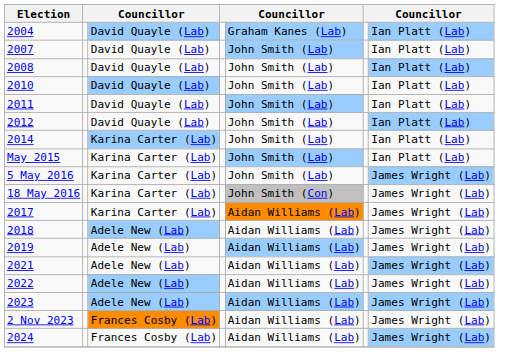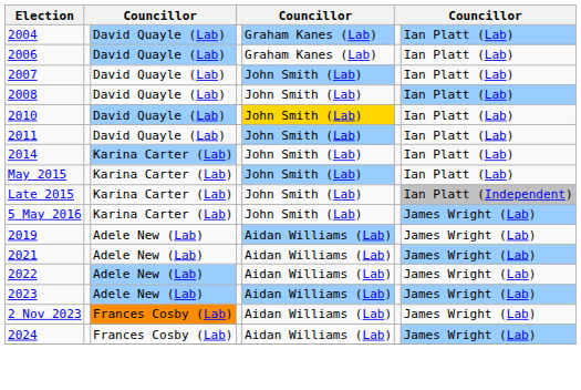 <table class="wikitable">
 <tr>
 <th>Election</th>
 <th colspan="2">Councillor</th>
 <th colspan="2">Councillor</th>
 <th colspan="2">Councillor</th>
 </tr>
 <tr>
 <td><a href='#'>2004</a></td>
 <td style="background-color: "></td>
 <td bgcolor="#99CCFF">David Quayle  (<a href='#'>Lab</a>)</td>
 <td style="background-color: "></td>
 <td bgcolor="#99CCFF">Graham Kanes (<a href='#'>Lab</a>)</td>
 <td style="background-color: "></td>
 <td bgcolor="#99CCFF">Ian Platt (<a href='#'>Lab</a>)</td>
+</tr>
+<tr>
+<td><a href='#'>2006</a></td>
+<td style="background-color: "></td>
+<td bgcolor="#99CCFF">David Quayle  (<a href='#'>Lab</a>)</td>
+<td style="background-color: "></td>
+<td>Graham Kanes (<a href='#'>Lab</a>)</td>
+<td style="background-color: "></td>
+<td>Ian Platt (<a href='#'>Lab</a>)</td>
 </tr>
 <tr>
 <td><a href='#'>2007</a></td>
 <td style="background-color: "></td>
 <td>David Quayle  (<a href='#'>Lab</a>)</td>
 <td style="background-color: "></td>
 <td bgcolor="#99CCFF">John Smith (<a href='#'>Lab</a>)</td>
 <td style="background-color: "></td>
 <td>Ian Platt (<a href='#'>Lab</a>)</td>
 </tr>
 <tr>
 <td><a href='#'>2008</a></td>
 <td style="background-color: "></td>
 <td>David Quayle  (<a href='#'>Lab</a>)</td>
 <td style="background-color: "></td>
 <td>John Smith (<a href='#'>Lab</a>)</td>
 <td style="background-color: "></td>
 <td bgcolor="#99CCFF">Ian Platt (<a href='#'>Lab</a>)</td>
 </tr>
 <tr>
 <td><a href='#'>2010</a></td>
 <td style="background-color: "></td>
 <td bgcolor="#99CCFF">David Quayle  (<a href='#'>Lab</a>)</td>
 <td style="background-color: "></td>
-<td>John Smith (<a href='#'>Lab</a>)</td>
+<td style="background: gold;">John Smith (<a href='#'>Lab</a>)</td>
 <td style="background-color: "></td>
 <td>Ian Platt (<a href='#'>Lab</a>)</td>
 </tr>
 <tr>
 <td><a href='#'>2011</a></td>
 <td style="background-color: "></td>
 <td>David Quayle  (<a href='#'>Lab</a>)</td>
 <td style="background-color: "></td>
 <td bgcolor="#99CCFF">John Smith (<a href='#'>Lab</a>)</td>
 <td style="background-color: "></td>
 <td>Ian Platt (<a href='#'>Lab</a>)</td>
-</tr>
-<tr>
-<td><a href='#'>2012</a></td>
-<td style="background-color: "></td>
-<td>David Quayle  (<a href='#'>Lab</a>)</td>
-<td style="background-color: "></td>
-<td>John Smith (<a href='#'>Lab</a>)</td>
-<td style="background-color: "></td>
-<td bgcolor="#99CCFF">Ian Platt (<a href='#'>Lab</a>)</td>
 </tr>
 <tr>
 <td><a href='#'>2014</a></td>
 <td style="background-color: "></td>
 <td bgcolor="#99CCFF">Karina Carter (<a href='#'>Lab</a>)</td>
 <td style="background-color: "></td>
 <td>John Smith (<a href='#'>Lab</a>)</td>
 <td style="background-color: "></td>
 <td>Ian Platt (<a href='#'>Lab</a>)</td>
 </tr>
 <tr>
 <td><a href='#'>May 2015</a></td>
 <td style="background-color: "></td>
 <td>Karina Carter (<a href='#'>Lab</a>)</td>
 <td style="background-color: "></td>
 <td bgcolor="#99CCFF">John Smith (<a href='#'>Lab</a>)</td>
 <td style="background-color: "></td>
 <td>Ian Platt (<a href='#'>Lab</a>)</td>
 </tr>
 <tr>
+<td><a href='#'>Late 2015</a></td>
+<td style="background-color: "></td>
+<td>Karina Carter (<a href='#'>Lab</a>)</td>
+<td style="background-color: "></td>
+<td>John Smith (<a href='#'>Lab</a>)</td>
+<td style="background-color: "></td>
+<td bgcolor="#C0C0C0">Ian Platt (<a href='#'>Independent</a>)</td>
+</tr>
+<tr>
 <td><a href='#'>5 May 2016</a></td>
 <td style="background-color: "></td>
 <td>Karina Carter (<a href='#'>Lab</a>)</td>
 <td style="background-color: "></td>
 <td>John Smith (<a href='#'>Lab</a>)</td>
 <td style="background-color: "></td>
 <td bgcolor="#99CCFF">James Wright (<a href='#'>Lab</a>)</td>
-</tr>
-<tr>
-<td><a href='#'>18 May 2016</a></td>
-<td style="background-color: "></td>
-<td>Karina Carter (<a href='#'>Lab</a>)</td>
-<td style="background-color: "></td>
-<td bgcolor="#C0C0C0">John Smith (<a href='#'>Con</a>)</td>
-<td style="background-color: "></td>
-<td>James Wright (<a href='#'>Lab</a>)</td>
-</tr>
-<tr>
-<td><a href='#'>2017</a></td>
-<td style="background-color: "></td>
-<td>Karina Carter (<a href='#'>Lab</a>)</td>
-<td style="background-color: "></td>
-<td bgcolor="#FF8C00">Aidan Williams (<a href='#'>Lab</a>)</td>
-<td style="background-color: "></td>
-<td>James Wright (<a href='#'>Lab</a>)</td>
-</tr>
-<tr>
-<td><a href='#'>2018</a></td>
-<td style="background-color: "></td>
-<td bgcolor="#99CCFF">Adele New (<a href='#'>Lab</a>)</td>
-<td style="background-color: "></td>
-<td>Aidan Williams (<a href='#'>Lab</a>)</td>
-<td style="background-color: "></td>
-<td>James Wright (<a href='#'>Lab</a>)</td>
 </tr>
 <tr>
 <td><a href='#'>2019</a></td>
 <td style="background-color: "></td>
 <td>Adele New (<a href='#'>Lab</a>)</td>
 <td style="background-color: "></td>
 <td bgcolor="#99CCFF">Aidan Williams (<a href='#'>Lab</a>)</td>
 <td style="background-color: "></td>
 <td>James Wright (<a href='#'>Lab</a>)</td>
 </tr>
 <tr>
 <td><a href='#'>2021</a></td>
 <td style="background-color: "></td>
 <td>Adele New (<a href='#'>Lab</a>)</td>
 <td style="background-color: "></td>
 <td>Aidan Williams (<a href='#'>Lab</a>)</td>
 <td style="background-color: "></td>
 <td bgcolor="#99CCFF">James Wright (<a href='#'>Lab</a>)</td>
 </tr>
 <tr>
 <td><a href='#'>2022</a></td>
 <td style="background-color: "></td>
 <td bgcolor="#99CCFF">Adele New (<a href='#'>Lab</a>)</td>
 <td style="background-color: "></td>
 <td>Aidan Williams (<a href='#'>Lab</a>)</td>
 <td style="background-color: "></td>
 <td>James Wright (<a href='#'>Lab</a>)</td>
 </tr>
 <tr>
 <td><a href='#'>2023</a></td>
 <td style="background-color: "></td>
 <td bgcolor="#99CCFF">Adele New (<a href='#'>Lab</a>)</td>
 <td style="background-color: "></td>
 <td bgcolor="#99CCFF">Aidan Williams (<a href='#'>Lab</a>)</td>
 <td style="background-color: "></td>
 <td bgcolor="#99CCFF">James Wright (<a href='#'>Lab</a>)</td>
 </tr>
 <tr>
 <td><a href='#'>2 Nov 2023</a></td>
 <td style="background-color: "></td>
 <td bgcolor="#FF8C00">Frances Cosby (<a href='#'>Lab</a>)</td>
 <td style="background-color: "></td>
 <td>Aidan Williams (<a href='#'>Lab</a>)</td>
 <td style="background-color: "></td>
 <td>James Wright (<a href='#'>Lab</a>)</td>
 </tr>
 <tr>
 <td><a href='#'>2024</a></td>
 <td style="background-color: "></td>
 <td>Frances Cosby (<a href='#'>Lab</a>)</td>
 <td style="background-color: "></td>
 <td>Aidan Williams (<a href='#'>Lab</a>)</td>
 <td style="background-color: "></td>
 <td bgcolor="#99CCFF">James Wright (<a href='#'>Lab</a>)</td>
 </tr>
 <tr>
 </tr>
 </table>
